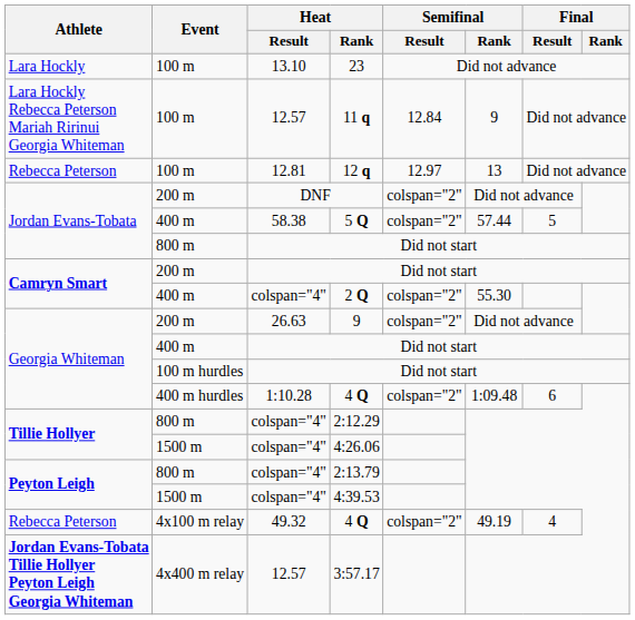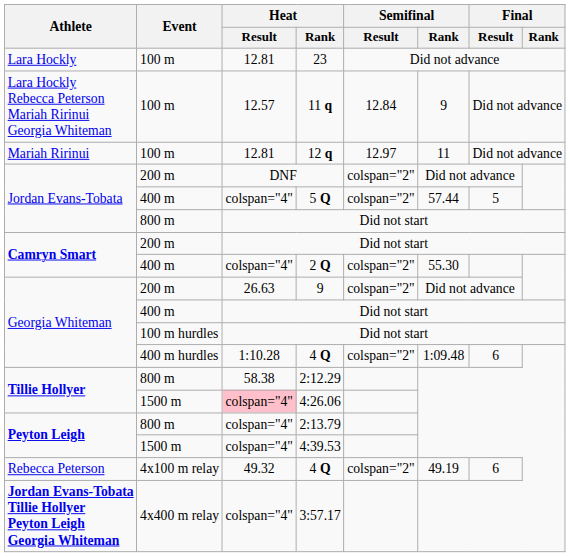 <table class="wikitable" style="font-size:90%">
 <tr>
 <th rowspan="2">Athlete</th>
 <th rowspan="2">Event</th>
 <th colspan="2">Heat</th>
 <th colspan="2">Semifinal</th>
 <th colspan="2">Final</th>
 </tr>
 <tr style="font-size:95%">
 <th>Result</th>
 <th>Rank</th>
 <th>Result</th>
 <th>Rank</th>
 <th>Result</th>
 <th>Rank</th>
 </tr>
 <tr align=center>
 <td align=left><a href='#'>Lara Hockly</a></td>
 <td align=left>100 m</td>
-<td>13.10</td>
+<td>12.81</td>
 <td>23</td>
 <td colspan="4">Did not advance</td>
 </tr>
 <tr align=center>
 <td style=text-align:left><a href='#'>Lara Hockly</a><br><a href='#'>Rebecca Peterson</a><br><a href='#'>Mariah Ririnui</a><br><a href='#'>Georgia Whiteman</a></td>
 <td align=left>100 m</td>
 <td>12.57</td>
 <td>11 <strong>q</strong></td>
 <td>12.84</td>
 <td>9</td>
 <td colspan="2">Did not advance</td>
 </tr>
 <tr align=center>
-<td align=left><a href='#'>Rebecca Peterson</a></td>
+<td align=left><a href='#'>Mariah Ririnui</a></td>
 <td align=left>100 m</td>
 <td>12.81</td>
 <td>12 <strong>q</strong></td>
 <td>12.97</td>
-<td>13</td>
+<td>11</td>
 <td colspan="2">Did not advance</td>
 </tr>
 <tr align=center>
 <td align=left rowspan=3><a href='#'>Jordan Evans-Tobata</a></td>
 <td align=left>200 m</td>
 <td colspan="2">DNF</td>
 <td>colspan="2" </td>
 <td colspan="2">Did not advance</td>
 </tr>
 <tr align=center>
 <td align=left>400 m</td>
-<td>58.38</td>
+<td>colspan="4" </td>
 <td>5 <strong>Q</strong></td>
 <td>colspan="2" </td>
 <td>57.44</td>
 <td>5</td>
 </tr>
 <tr align=center>
 <td align=left>800 m</td>
 <td colspan="8">Did not start</td>
 </tr>
 <tr align=center>
 <td align=left rowspan=2><strong><a href='#'>Camryn Smart</a></strong></td>
 <td align=left>200 m</td>
 <td colspan="6">Did not start</td>
 </tr>
 <tr align=center>
 <td align=left>400 m</td>
 <td>colspan="4" </td>
 <td>2 <strong>Q</strong></td>
 <td>colspan="2" </td>
 <td>55.30</td>
 <td></td>
 </tr>
 <tr align=center>
 <td align=left rowspan=4><a href='#'>Georgia Whiteman</a></td>
 <td align=left>200 m</td>
 <td>26.63</td>
 <td>9</td>
 <td>colspan="2" </td>
 <td colspan="2">Did not advance</td>
 </tr>
 <tr align=center>
 <td align=left>400 m</td>
 <td colspan="6">Did not start</td>
 </tr>
 <tr align=center>
 <td align=left>100 m hurdles</td>
 <td colspan="6">Did not start</td>
 </tr>
 <tr align=center>
 <td align=left>400 m hurdles</td>
 <td>1:10.28</td>
 <td>4 <strong>Q</strong></td>
 <td>colspan="2" </td>
 <td>1:09.48</td>
 <td>6</td>
 </tr>
 <tr align=center>
 <td align=left rowspan=2><strong><a href='#'>Tillie Hollyer</a></strong></td>
 <td align=left>800 m</td>
-<td>colspan="4" </td>
+<td>58.38</td>
 <td>2:12.29</td>
 <td></td>
 </tr>
 <tr align=center>
 <td align=left>1500 m</td>
-<td>colspan="4" </td>
+<td style="background: pink;">colspan="4" </td>
 <td>4:26.06</td>
 <td></td>
 </tr>
 <tr align=center>
 <td align=left rowspan=2><strong><a href='#'>Peyton Leigh</a></strong></td>
 <td align=left>800 m</td>
 <td>colspan="4" </td>
 <td>2:13.79</td>
 <td></td>
 </tr>
 <tr align=center>
 <td align=left>1500 m</td>
 <td>colspan="4" </td>
 <td>4:39.53</td>
 <td></td>
 </tr>
 <tr style=text-align:center>
 <td align=left><a href='#'>Rebecca Peterson</a></td>
 <td style=text-align:left>4x100 m relay</td>
 <td>49.32</td>
 <td>4 <strong>Q</strong></td>
 <td>colspan="2" </td>
 <td>49.19</td>
-<td>4</td>
+<td>6</td>
 </tr>
 <tr style=text-align:center>
 <td style=text-align:left><strong><a href='#'>Jordan Evans-Tobata</a><br><a href='#'>Tillie Hollyer</a><br><a href='#'>Peyton Leigh</a><br><a href='#'>Georgia Whiteman</a></strong></td>
 <td style=text-align:left>4x400 m relay</td>
-<td>12.57</td>
+<td>colspan="4" </td>
 <td>3:57.17</td>
 <td></td>
 </tr>
 </table>
